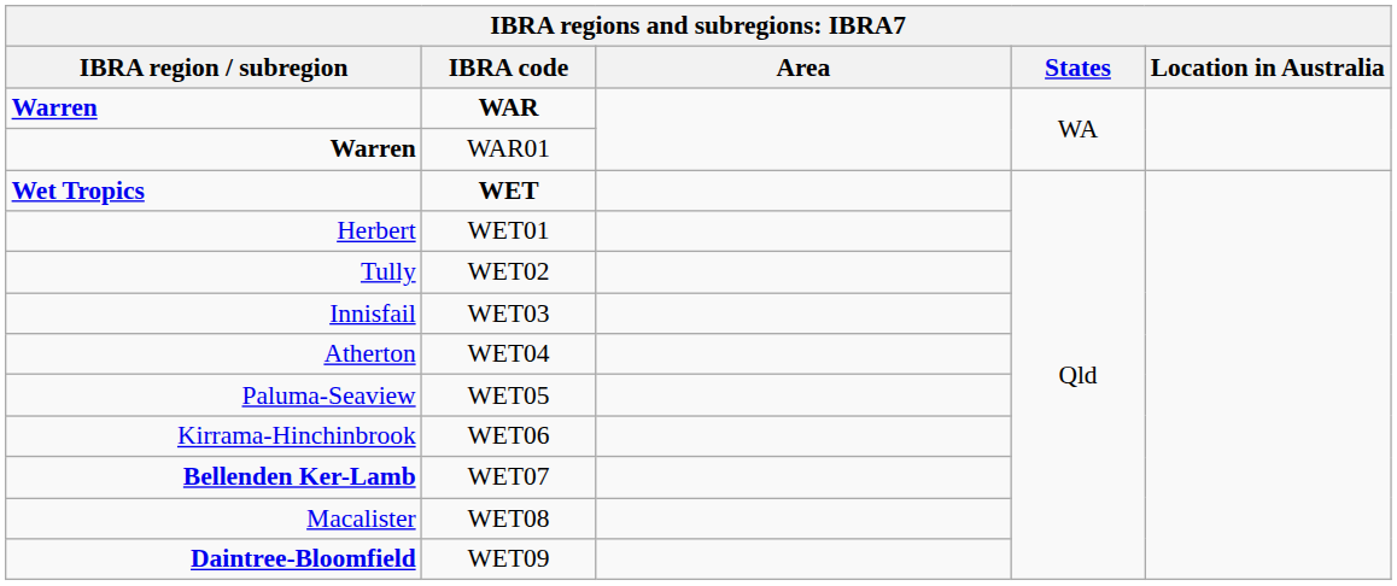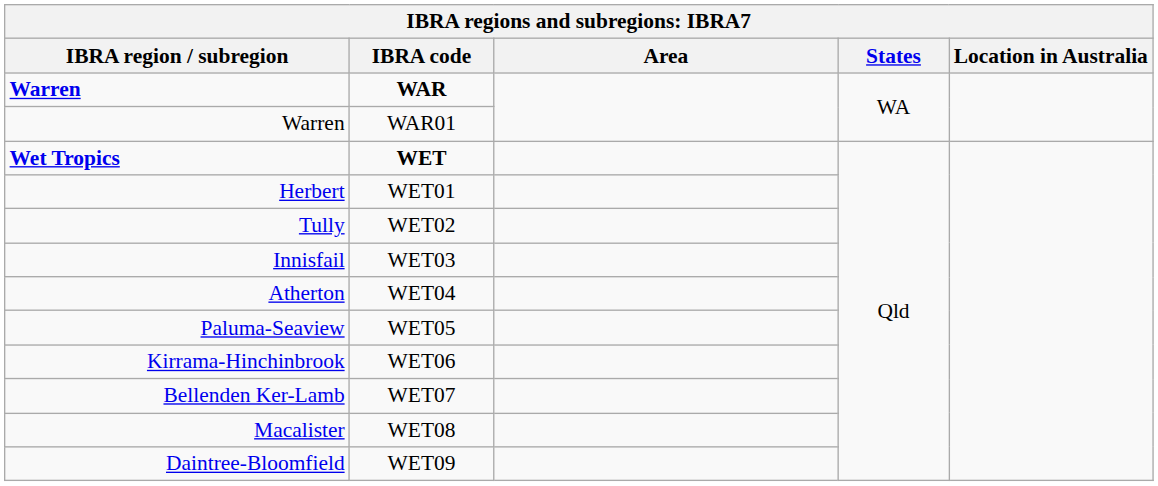 <table class="wikitable sortable">
 <tr>
 <th rowwidth=100px colspan=5>IBRA regions and subregions: IBRA7</th>
 </tr>
 <tr>
 <th scope="col" style="width:250px;">IBRA region / subregion</th>
 <th scope="col" style="width:100px;">IBRA code</th>
 <th scope="col" style="width:250px;">Area</th>
 <th scope="col" style="width:75px;"><a href='#'>States</a></th>
 <th>Location in Australia</th>
 </tr>
 <tr>
 <td><strong><a href='#'>Warren</a></strong></td>
 <td style="text-align:center;"><strong>WAR</strong></td>
 <td style="text-align:right;" rowspan="2"><strong></strong></td>
 <td style="text-align:center;" rowspan="2">WA</td>
 <td style="text-align:center;" rowspan="2"></td>
 </tr>
 <tr>
-<td align="right"><strong>Warren</strong></td>
+<td align="right">Warren</td>
 <td style="text-align:center;">WAR01</td>
 </tr>
 <tr>
 <td><strong><a href='#'>Wet Tropics</a></strong></td>
 <td style="text-align:center;"><strong>WET</strong></td>
 <td align="right"><strong></strong></td>
 <td style="text-align:center;" rowspan="10">Qld</td>
 <td style="text-align:center;" rowspan="10"></td>
 </tr>
 <tr>
 <td align="right"><a href='#'>Herbert</a></td>
 <td style="text-align:center;">WET01</td>
 <td align="right"></td>
 </tr>
 <tr>
 <td align="right"><a href='#'>Tully</a></td>
 <td style="text-align:center;">WET02</td>
 <td align="right"></td>
 </tr>
 <tr>
 <td align="right"><a href='#'>Innisfail</a></td>
 <td style="text-align:center;">WET03</td>
 <td align="right"></td>
 </tr>
 <tr>
 <td align="right"><a href='#'>Atherton</a></td>
 <td style="text-align:center;">WET04</td>
 <td align="right"></td>
 </tr>
 <tr>
 <td align="right"><a href='#'>Paluma-Seaview</a></td>
 <td style="text-align:center;">WET05</td>
 <td align="right"></td>
 </tr>
 <tr>
 <td align="right"><a href='#'>Kirrama-Hinchinbrook</a></td>
 <td style="text-align:center;">WET06</td>
 <td align="right"></td>
 </tr>
 <tr>
-<td align="right"><strong><a href='#'>Bellenden Ker-Lamb</a></strong></td>
+<td align="right"><a href='#'>Bellenden Ker-Lamb</a></td>
 <td style="text-align:center;">WET07</td>
 <td align="right"></td>
 </tr>
 <tr>
 <td align="right"><a href='#'>Macalister</a></td>
 <td style="text-align:center;">WET08</td>
 <td align="right"></td>
 </tr>
 <tr>
-<td align="right"><strong><a href='#'>Daintree-Bloomfield</a></strong></td>
+<td align="right"><a href='#'>Daintree-Bloomfield</a></td>
 <td style="text-align:center;">WET09</td>
 <td align="right"></td>
 </tr>
 </table>
